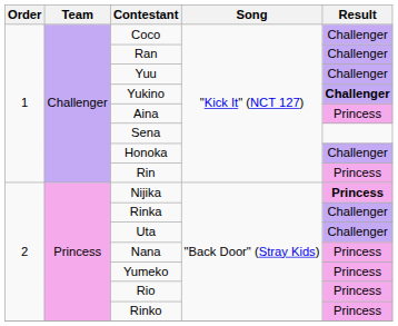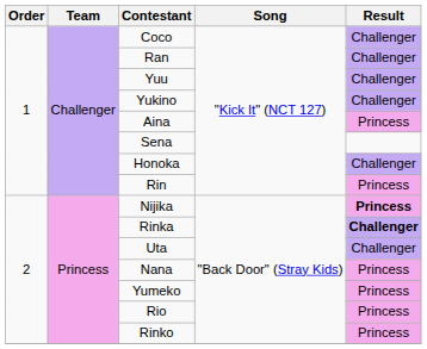 <table class="wikitable sortable" style="text-align:center;">
 <tr>
 <th>Order</th>
 <th>Team</th>
 <th>Contestant</th>
 <th>Song</th>
 <th>Result</th>
 </tr>
 <tr>
 <td rowspan="8">1</td>
 <td rowspan="8" style="background:#c4aaf5;">Challenger</td>
 <td>Coco</td>
 <td rowspan="8">"<a href='#'>Kick It</a>" (<a href='#'>NCT 127</a>)</td>
 <td style="background:#c4aaf5;">Challenger</td>
 </tr>
 <tr>
 <td>Ran</td>
 <td style="background:#c4aaf5;">Challenger</td>
 </tr>
 <tr>
 <td>Yuu</td>
 <td style="background:#c4aaf5;">Challenger</td>
 </tr>
 <tr>
 <td>Yukino</td>
-<td style="background:#c4aaf5;"><strong>Challenger</strong></td>
+<td style="background:#c4aaf5;">Challenger</td>
 </tr>
 <tr>
 <td>Aina</td>
 <td style="background:#F5AAEC;">Princess</td>
 </tr>
 <tr>
 <td>Sena</td>
 <td></td>
 </tr>
 <tr>
 <td>Honoka</td>
 <td style="background:#c4aaf5;">Challenger</td>
 </tr>
 <tr>
 <td>Rin</td>
 <td style="background:#F5AAEC;">Princess</td>
 </tr>
 <tr>
 <td rowspan="7">2</td>
 <td rowspan="7" style="background:#F5AAEC;">Princess</td>
 <td>Nijika</td>
 <td rowspan="7">"Back Door" (<a href='#'>Stray Kids</a>)</td>
 <td style="background:#F5AAEC;"><strong>Princess</strong></td>
 </tr>
 <tr>
 <td>Rinka</td>
-<td style="background:#c4aaf5;">Challenger</td>
+<td style="background:#c4aaf5;"><strong>Challenger</strong></td>
 </tr>
 <tr>
 <td>Uta</td>
 <td style="background:#c4aaf5;">Challenger</td>
 </tr>
 <tr>
 <td>Nana</td>
 <td style="background:#F5AAEC;">Princess</td>
 </tr>
 <tr>
 <td>Yumeko</td>
 <td style="background:#F5AAEC;">Princess</td>
 </tr>
 <tr>
 <td>Rio</td>
 <td style="background:#F5AAEC;">Princess</td>
 </tr>
 <tr>
 <td>Rinko</td>
 <td style="background:#F5AAEC;">Princess</td>
 </tr>
 <tr>
 </tr>
 </table>
